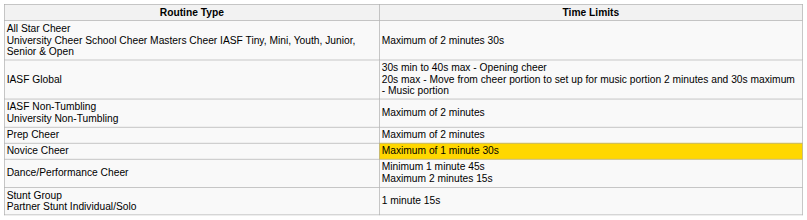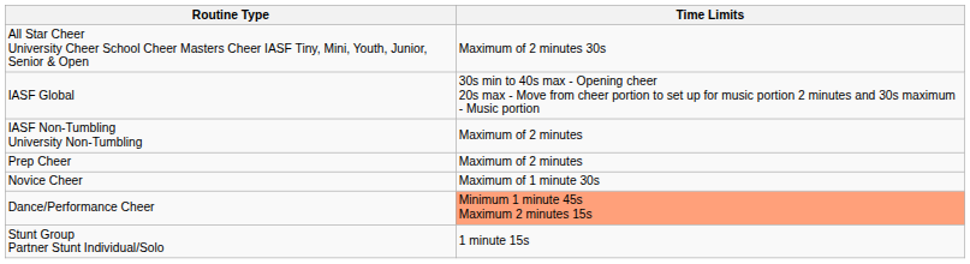 <table class="wikitable">
 <tr>
 <th>Routine Type</th>
 <th>Time Limits</th>
 </tr>
 <tr>
 <td>All Star Cheer<br>University Cheer School Cheer Masters Cheer IASF Tiny, Mini, Youth, Junior, Senior & Open</td>
 <td>Maximum of 2 minutes 30s</td>
 </tr>
 <tr>
 <td>IASF Global</td>
 <td>30s min to 40s max - Opening cheer<br>20s max - Move from cheer portion to set up for music portion 2 minutes and 30s maximum - Music portion</td>
 </tr>
 <tr>
 <td>IASF Non-Tumbling<br>University Non-Tumbling</td>
 <td>Maximum of 2 minutes</td>
 </tr>
 <tr>
 <td>Prep Cheer</td>
 <td>Maximum of 2 minutes</td>
 </tr>
 <tr>
 <td>Novice Cheer</td>
-<td style="background: gold;">Maximum of 1 minute 30s</td>
+<td>Maximum of 1 minute 30s</td>
 </tr>
 <tr>
 <td>Dance/Performance Cheer</td>
-<td>Minimum 1 minute 45s<br>Maximum 2 minutes 15s</td>
+<td style="background: lightsalmon;">Minimum 1 minute 45s<br>Maximum 2 minutes 15s</td>
 </tr>
 <tr>
 <td>Stunt Group<br>Partner Stunt Individual/Solo</td>
 <td>1 minute 15s</td>
 </tr>
 </table>
